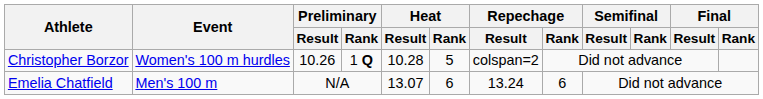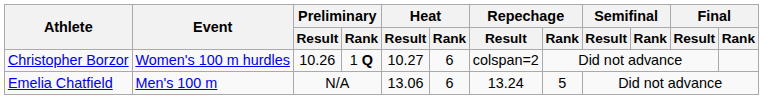 <table class="wikitable" style="font-size:90%">
 <tr>
 <th rowspan="2">Athlete</th>
 <th rowspan="2">Event</th>
 <th colspan="2">Preliminary</th>
 <th colspan="2">Heat</th>
 <th colspan="2">Repechage</th>
 <th colspan="2">Semifinal</th>
 <th colspan="2">Final</th>
 </tr>
 <tr style="font-size:95%">
 <th>Result</th>
 <th>Rank</th>
 <th>Result</th>
 <th>Rank</th>
 <th>Result</th>
 <th>Rank</th>
 <th>Result</th>
 <th>Rank</th>
 <th>Result</th>
 <th>Rank</th>
 </tr>
 <tr align=center>
 <td align=left><a href='#'>Christopher Borzor</a></td>
 <td align=left><a href='#'>Women's 100 m hurdles</a></td>
 <td>10.26</td>
 <td>1 <strong>Q</strong></td>
-<td>10.28</td>
-<td>5</td>
+<td>10.27</td>
+<td>6</td>
 <td>colspan=2 </td>
 <td colspan=4>Did not advance</td>
 </tr>
 <tr align=center>
 <td align=left><a href='#'>Emelia Chatfield</a></td>
 <td align=left><a href='#'>Men's 100 m</a></td>
 <td colspan="2">N/A</td>
-<td>13.07</td>
+<td>13.06</td>
 <td>6</td>
 <td>13.24</td>
-<td>6</td>
+<td>5</td>
 <td colspan=4>Did not advance</td>
 </tr>
 </table>
